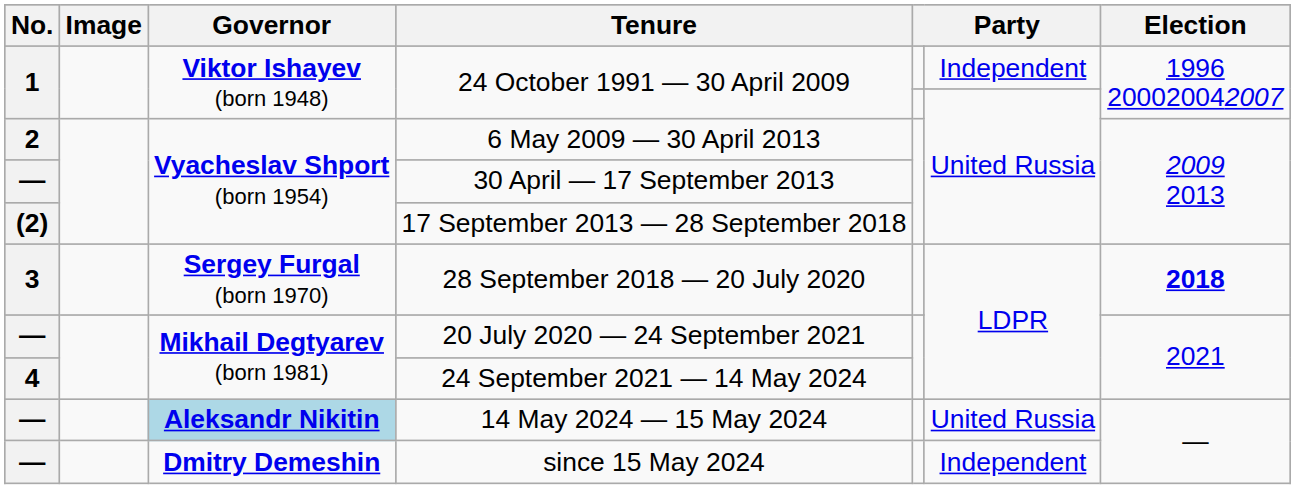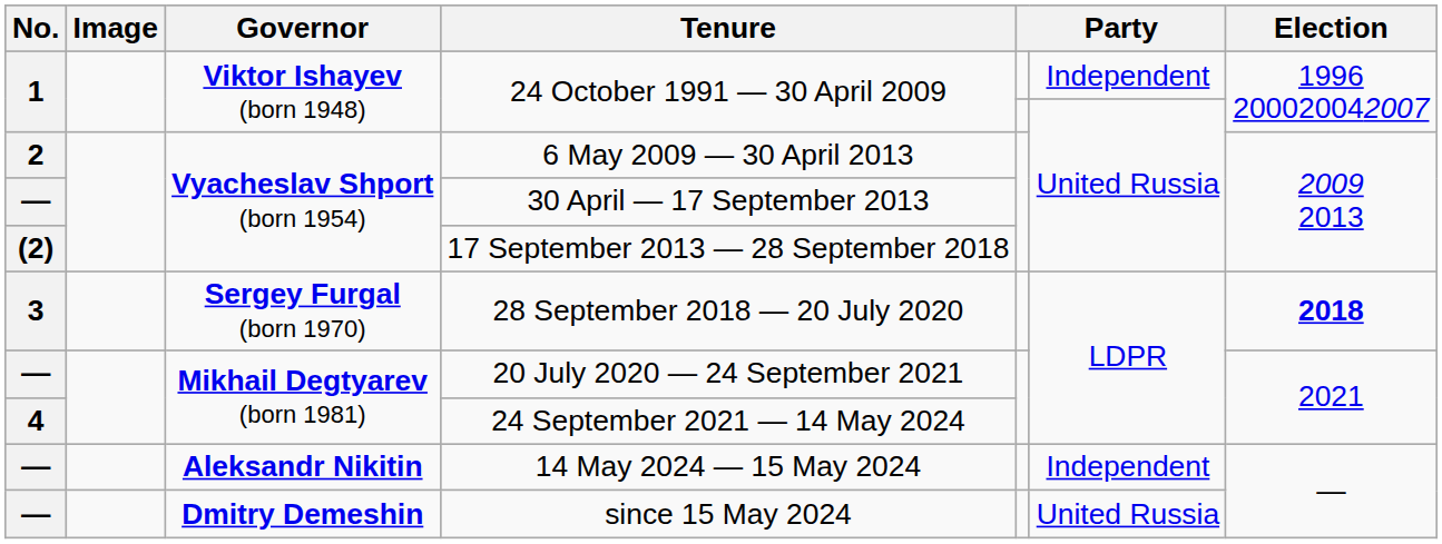 <table class="wikitable" style="text-align:center">
 <tr style="background:#cccccc" bgcolor=#E6E6AA>
 <th>No.</th>
 <th>Image</th>
 <th>Governor</th>
 <th>Tenure</th>
 <th colspan="2">Party</th>
 <th>Election</th>
 </tr>
 <tr>
 <th rowspan=2>1</th>
 <td rowspan=2></td>
 <td rowspan=2><strong><a href='#'>Viktor Ishayev</a></strong><br><small>(born 1948)</small></td>
 <td rowspan=2>24 October 1991 — 30 April 2009</td>
 <td style="background: "></td>
 <td><a href='#'>Independent</a></td>
 <td rowspan=2><a href='#'>1996</a><br><a href='#'>2000</a><a href='#'>2004</a><em><a href='#'>2007</a></em></td>
 </tr>
 <tr>
 <td style="background: "></td>
 <td rowspan=4><a href='#'>United Russia</a></td>
 </tr>
 <tr>
 <th>2</th>
 <td rowspan=3></td>
 <td rowspan=3><strong><a href='#'>Vyacheslav Shport</a></strong><br><small>(born 1954)</small></td>
 <td>6 May 2009 — 30 April 2013</td>
 <td rowspan=3; style="background: "></td>
 <td rowspan=3><em><a href='#'>2009</a></em><br><a href='#'>2013</a></td>
 </tr>
 <tr>
 <th>—</th>
 <td>30 April — 17 September 2013</td>
 </tr>
 <tr>
 <th>(2)</th>
 <td>17 September 2013 — 28 September 2018</td>
 </tr>
 <tr>
 <th>3</th>
 <td></td>
 <td><strong><a href='#'>Sergey Furgal</a></strong><br><small>(born 1970)</small></td>
 <td>28 September 2018 — 20 July 2020</td>
 <td style="background: "></td>
 <td rowspan=3><a href='#'>LDPR</a></td>
 <td><strong><a href='#'>2018</a></strong></td>
 </tr>
 <tr>
 <th>—</th>
 <td rowspan=2></td>
 <td rowspan=2><strong><a href='#'>Mikhail Degtyarev</a></strong><br><small>(born 1981)</small></td>
 <td>20 July 2020 — 24 September 2021</td>
 <td rowspan=2; style="background: "></td>
 <td rowspan=2><a href='#'>2021</a></td>
 </tr>
 <tr>
 <th>4</th>
 <td>24 September 2021 — 14 May 2024</td>
 </tr>
 <tr>
 <th>—</th>
 <td></td>
-<td style="background: lightblue;"><strong><a href='#'>Aleksandr Nikitin</a></strong></td>
+<td><strong><a href='#'>Aleksandr Nikitin</a></strong></td>
 <td>14 May 2024 — 15 May 2024</td>
 <td style="background: "></td>
-<td><a href='#'>United Russia</a></td>
+<td><a href='#'>Independent</a></td>
 <td rowspan=2>—</td>
 </tr>
 <tr>
 <th>—</th>
 <td></td>
 <td><strong><a href='#'>Dmitry Demeshin</a></strong></td>
 <td>since 15 May 2024</td>
 <td style="background: "></td>
-<td><a href='#'>Independent</a></td>
+<td><a href='#'>United Russia</a></td>
 </tr>
 </table>
